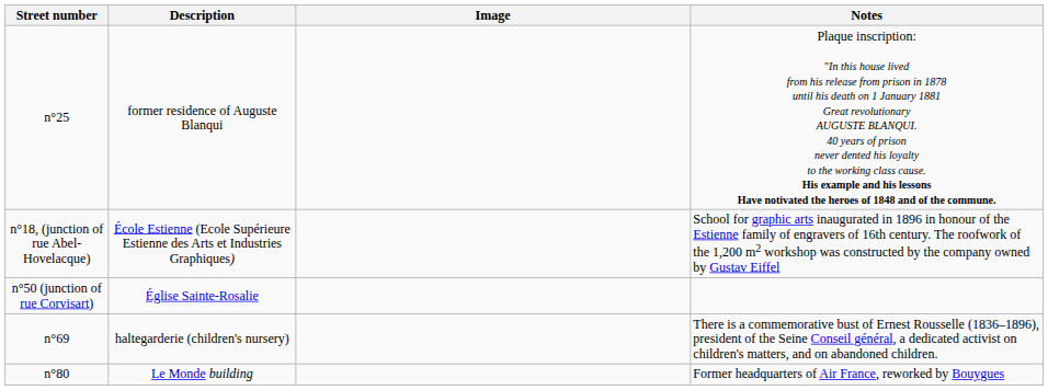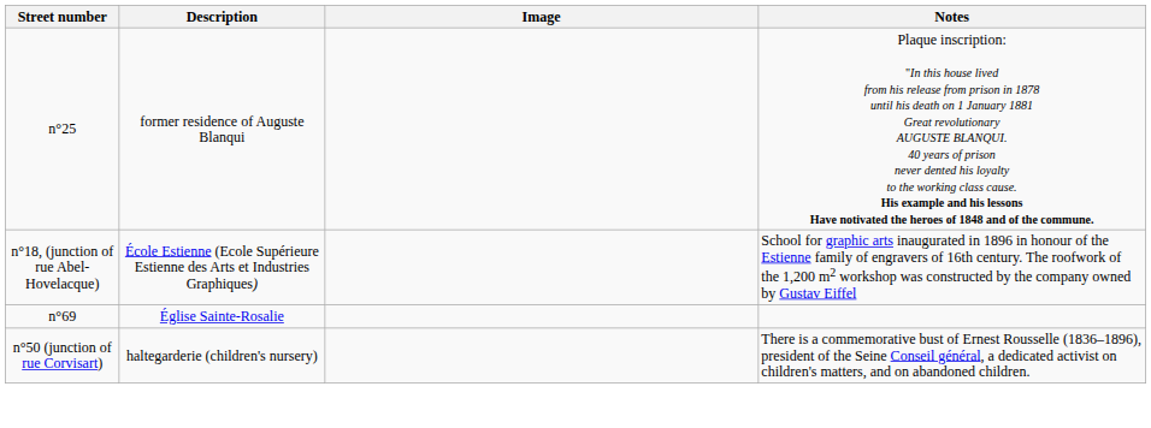 <table class="wikitable" width="100%">
 <tr>
 <th width="10%">Street number</th>
 <th width="18%">Description</th>
 <th width="38%">Image</th>
 <th width="34%">Notes</th>
 </tr>
 <tr>
 <td align="center">n°25</td>
 <td align="center">former residence of Auguste Blanqui</td>
 <td align="center"></td>
 <td align="center">Plaque inscription:<br><br><small>"<em>In this house lived<br> from his release from prison in 1878<br> until his death on 1 January 1881<br> Great revolutionary <br>AUGUSTE BLANQUI.<br>40 years of prison<br> never dented his loyalty<br> to the working class cause.<strong><br> </em>His example and his lessons <br> Have notivated the heroes of 1848 and of the commune.<em></small></td>
 </tr>
 <tr>
 <td align="center">n°18, (junction of rue Abel-Hovelacque)</td>
 <td align="center"><a href='#'>École Estienne</a> (</em>Ecole Supérieure Estienne des Arts et Industries Graphiques<em>)</td>
 <td align="center"></td>
 <td>School for <a href='#'>graphic arts</a> inaugurated in 1896 in honour of the <a href='#'>Estienne</a> family of engravers of 16th century. The roofwork of the 1,200 m<sup>2</sup> workshop was constructed by the company owned by <a href='#'>Gustav Eiffel</a></td>
 </tr>
 <tr>
-<td align="center">n°50 (junction of <a href='#'>rue Corvisart</a>)</td>
+<td align="center">n°69</td>
 <td align="center"><a href='#'>Église Sainte-Rosalie</a></td>
 <td align="center"></td>
 <td></td>
 </tr>
 <tr>
-<td align="center">n°69</td>
+<td align="center">n°50 (junction of <a href='#'>rue Corvisart</a>)</td>
 <td align="center">haltegarderie (children's nursery)</td>
 <td align="center"></td>
 <td>There is a commemorative bust of Ernest Rousselle (1836–1896), president of the Seine <a href='#'>Conseil général</a>, a dedicated activist on children's matters, and on abandoned children.</td>
 </tr>
-<tr>
-<td align="center">n°80</td>
-<td align="center"></em><a href='#'>Le Monde</a><em> building</td>
-<td align="center"></td>
-<td>Former headquarters of <a href='#'>Air France</a>, reworked by <a href='#'>Bouygues</a></td>
-</tr>
 </table>
